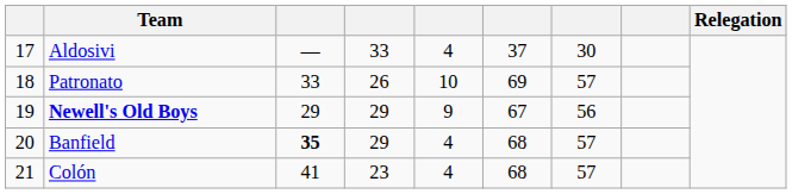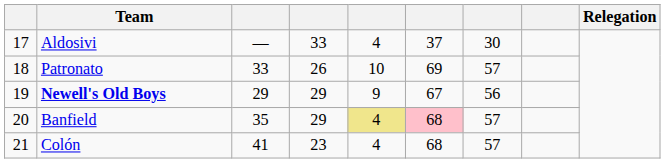 <table class="wikitable sortable" style="text-align: center;">
 <tr>
 <th width=25></th>
 <th width=185>Team</th>
 <th width=50></th>
 <th width=50></th>
 <th width=50></th>
 <th width=50></th>
 <th width=50></th>
 <th width=50></th>
 <th>Relegation</th>
 </tr>
 <tr>
 <td>17</td>
 <td align="left"><a href='#'>Aldosivi</a></td>
 <td>—</td>
 <td>33</td>
 <td>4</td>
 <td>37</td>
 <td>30</td>
 <td><strong></strong></td>
 </tr>
 <tr>
 <td>18</td>
 <td align="left"><a href='#'>Patronato</a></td>
 <td>33</td>
 <td>26</td>
 <td>10</td>
 <td>69</td>
 <td>57</td>
 <td><strong></strong></td>
 </tr>
 <tr>
 <td>19</td>
 <td align="left"><strong><a href='#'>Newell's Old Boys</a></strong></td>
 <td>29</td>
 <td>29</td>
 <td>9</td>
 <td>67</td>
 <td>56</td>
 <td><strong></strong></td>
 </tr>
 <tr>
 <td>20</td>
 <td align="left"><a href='#'>Banfield</a></td>
-<td><strong>35</strong></td>
+<td>35</td>
 <td>29</td>
-<td>4</td>
-<td>68</td>
+<td style="background: khaki;">4</td>
+<td style="background: pink;">68</td>
 <td>57</td>
 <td><strong></strong></td>
 </tr>
 <tr>
 <td>21</td>
 <td align="left"><a href='#'>Colón</a></td>
 <td>41</td>
 <td>23</td>
 <td>4</td>
 <td>68</td>
 <td>57</td>
 <td><strong></strong></td>
 </tr>
 </table>
